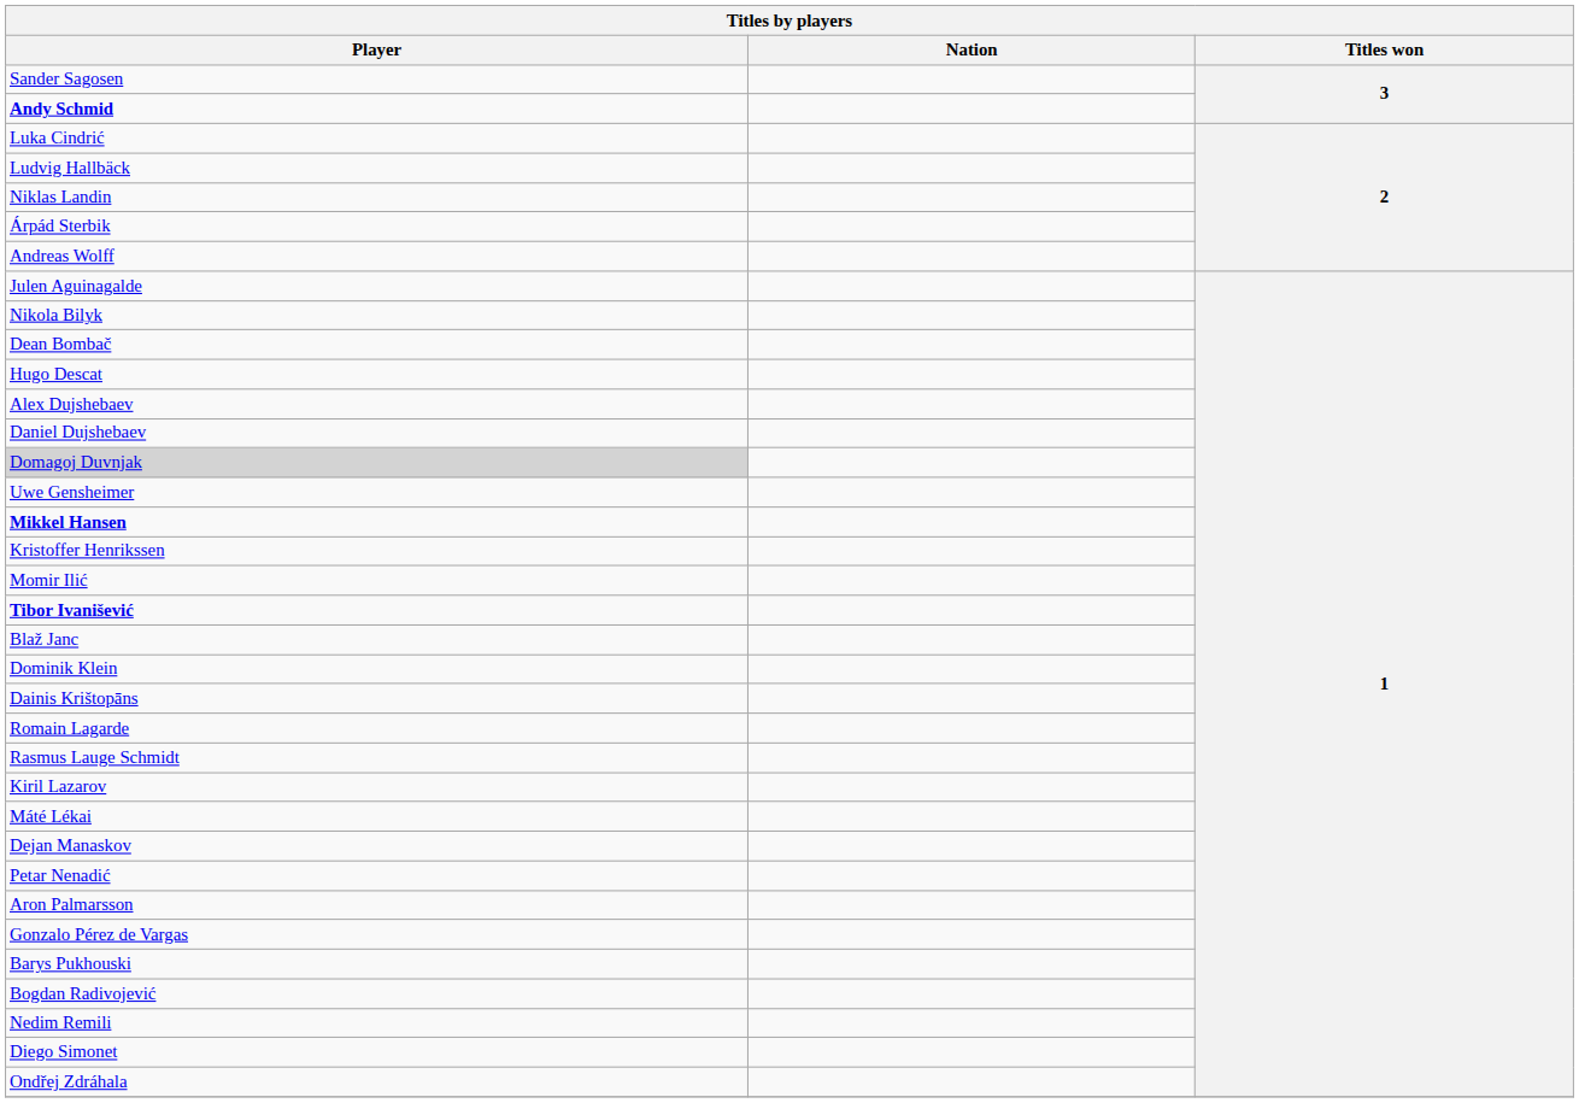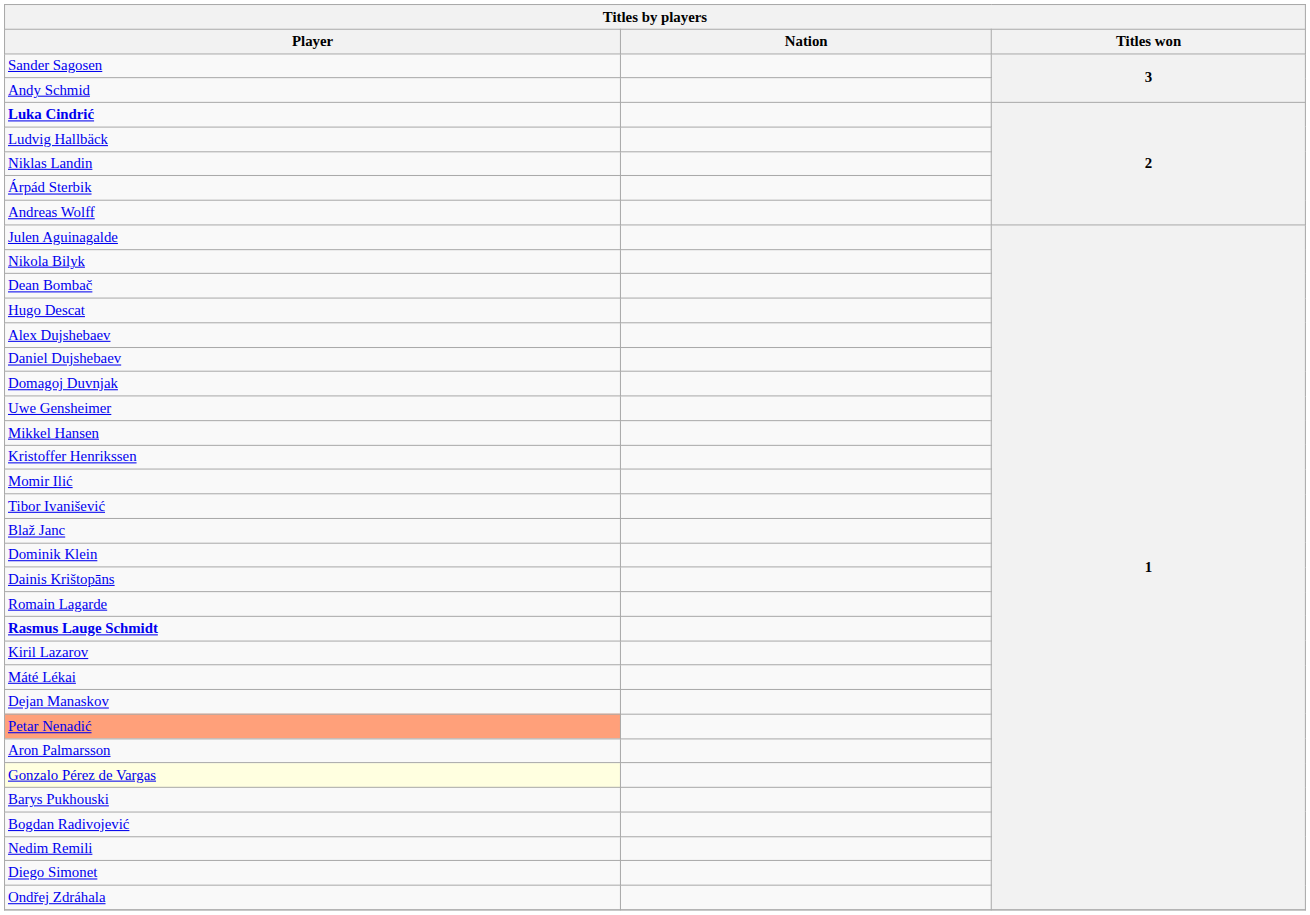 <table class="wikitable mw-collapsible mw-collapsed" style="width:100%; font-size:90%;">
 <tr>
 <th colspan="3">Titles by players</th>
 </tr>
 <tr>
 <th width="50">Player</th>
 <th width="20">Nation</th>
 <th width="20">Titles won</th>
 </tr>
 <tr>
 <td align="left"><a href='#'>Sander Sagosen</a></td>
 <td></td>
 <th rowspan=2><strong>3</strong></th>
 </tr>
 <tr>
-<td align="left"><strong><a href='#'>Andy Schmid</a></strong></td>
+<td align="left"><a href='#'>Andy Schmid</a></td>
 <td></td>
 </tr>
 <tr>
-<td align="left"><a href='#'>Luka Cindrić</a></td>
+<td align="left"><strong><a href='#'>Luka Cindrić</a></strong></td>
 <td></td>
 <th rowspan=5><strong>2</strong></th>
 </tr>
 <tr>
 <td align="left"><a href='#'>Ludvig Hallbäck</a></td>
 <td></td>
 </tr>
 <tr>
 <td align="left"><a href='#'>Niklas Landin</a></td>
 <td></td>
 </tr>
 <tr>
 <td align="left"><a href='#'>Árpád Sterbik</a></td>
 <td></td>
 </tr>
 <tr>
 <td align="left"><a href='#'>Andreas Wolff</a></td>
 <td></td>
 </tr>
 <tr>
 <td align="left"><a href='#'>Julen Aguinagalde</a></td>
 <td></td>
 <th rowspan=28><strong>1</strong></th>
 </tr>
 <tr>
 <td align="left"><a href='#'>Nikola Bilyk</a></td>
 <td></td>
 </tr>
 <tr>
 <td align="left"><a href='#'>Dean Bombač</a></td>
 <td></td>
 </tr>
 <tr>
 <td align="left"><a href='#'>Hugo Descat</a></td>
 <td></td>
 </tr>
 <tr>
 <td align="left"><a href='#'>Alex Dujshebaev</a></td>
 <td></td>
 </tr>
 <tr>
 <td align="left"><a href='#'>Daniel Dujshebaev</a></td>
 <td></td>
 </tr>
 <tr>
-<td align="left" style="background: lightgrey;"><a href='#'>Domagoj Duvnjak</a></td>
+<td align="left"><a href='#'>Domagoj Duvnjak</a></td>
 <td></td>
 </tr>
 <tr>
 <td align="left"><a href='#'>Uwe Gensheimer</a></td>
 <td></td>
 </tr>
 <tr>
-<td align="left"><strong><a href='#'>Mikkel Hansen</a></strong></td>
+<td align="left"><a href='#'>Mikkel Hansen</a></td>
 <td></td>
 </tr>
 <tr>
 <td align="left"><a href='#'>Kristoffer Henrikssen</a></td>
 <td></td>
 </tr>
 <tr>
 <td align="left"><a href='#'>Momir Ilić</a></td>
 <td></td>
 </tr>
 <tr>
-<td align="left"><strong><a href='#'>Tibor Ivanišević</a></strong></td>
+<td align="left"><a href='#'>Tibor Ivanišević</a></td>
 <td></td>
 </tr>
 <tr>
 <td align="left"><a href='#'>Blaž Janc</a></td>
 <td></td>
 </tr>
 <tr>
 <td align="left"><a href='#'>Dominik Klein</a></td>
 <td></td>
 </tr>
 <tr>
 <td align="left"><a href='#'>Dainis Krištopāns</a></td>
 <td></td>
 </tr>
 <tr>
 <td align="left"><a href='#'>Romain Lagarde</a></td>
 <td></td>
 </tr>
 <tr>
-<td align="left"><a href='#'>Rasmus Lauge Schmidt</a></td>
+<td align="left"><strong><a href='#'>Rasmus Lauge Schmidt</a></strong></td>
 <td></td>
 </tr>
 <tr>
 <td align="left"><a href='#'>Kiril Lazarov</a></td>
 <td></td>
 </tr>
 <tr>
 <td align="left"><a href='#'>Máté Lékai</a></td>
 <td></td>
 </tr>
 <tr>
 <td align="left"><a href='#'>Dejan Manaskov</a></td>
 <td></td>
 </tr>
 <tr>
-<td align="left"><a href='#'>Petar Nenadić</a></td>
+<td align="left" style="background: lightsalmon;"><a href='#'>Petar Nenadić</a></td>
 <td></td>
 </tr>
 <tr>
 <td align="left"><a href='#'>Aron Palmarsson</a></td>
 <td></td>
 </tr>
 <tr>
-<td align="left"><a href='#'>Gonzalo Pérez de Vargas</a></td>
+<td align="left" style="background: lightyellow;"><a href='#'>Gonzalo Pérez de Vargas</a></td>
 <td></td>
 </tr>
 <tr>
 <td align="left"><a href='#'>Barys Pukhouski</a></td>
 <td></td>
 </tr>
 <tr>
 <td align="left"><a href='#'>Bogdan Radivojević</a></td>
 <td></td>
 </tr>
 <tr>
 <td align="left"><a href='#'>Nedim Remili</a></td>
 <td></td>
 </tr>
 <tr>
 <td align="left"><a href='#'>Diego Simonet</a></td>
 <td></td>
 </tr>
 <tr>
 <td align="left"><a href='#'>Ondřej Zdráhala</a></td>
 <td></td>
 </tr>
 <tr>
 </tr>
 </table>
